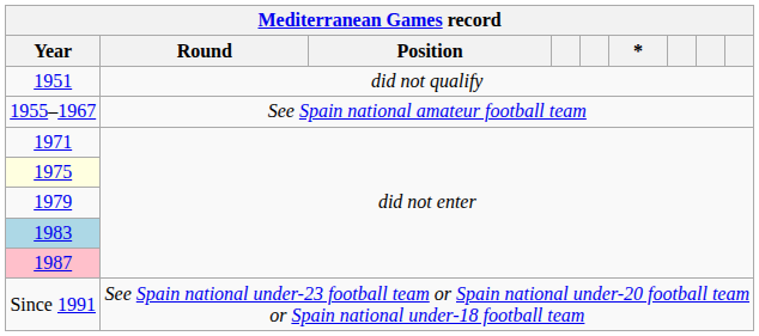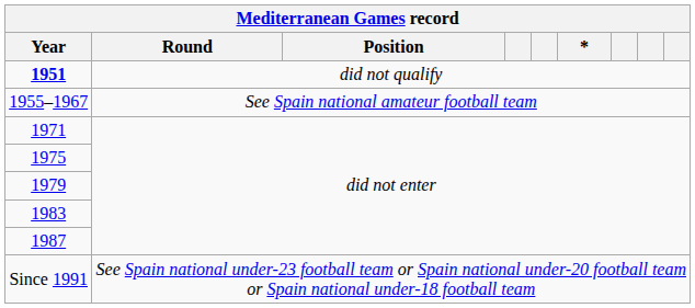 <table class="wikitable" style="text-align:center">
 <tr>
 <th colspan=9><a href='#'>Mediterranean Games</a> record</th>
 </tr>
 <tr>
 <th>Year</th>
 <th>Round</th>
 <th>Position</th>
 <th></th>
 <th></th>
 <th>*</th>
 <th></th>
 <th></th>
 <th></th>
 </tr>
 <tr>
-<td> <a href='#'>1951</a></td>
+<td><strong> <a href='#'>1951</a></strong></td>
 <td colspan=8><em>did not qualify</em></td>
 </tr>
 <tr>
 <td><a href='#'>1955</a>–<a href='#'>1967</a></td>
 <td colspan=8><em>See <a href='#'>Spain national amateur football team</a></em></td>
 </tr>
 <tr>
 <td> <a href='#'>1971</a></td>
 <td colspan=8 rowspan=5><em>did not enter</em></td>
 </tr>
 <tr>
-<td style="background: lightyellow;"> <a href='#'>1975</a></td>
+<td> <a href='#'>1975</a></td>
 </tr>
 <tr>
 <td> <a href='#'>1979</a></td>
 </tr>
 <tr>
-<td style="background: lightblue;"> <a href='#'>1983</a></td>
+<td> <a href='#'>1983</a></td>
 </tr>
 <tr>
-<td style="background: pink;"> <a href='#'>1987</a></td>
+<td> <a href='#'>1987</a></td>
 </tr>
 <tr>
 <td>Since <a href='#'>1991</a></td>
 <td colspan=8><em>See <a href='#'>Spain national under-23 football team</a> or <a href='#'>Spain national under-20 football team</a><br>or <a href='#'>Spain national under-18 football team</a></em></td>
 </tr>
 <tr>
 </tr>
 </table>
